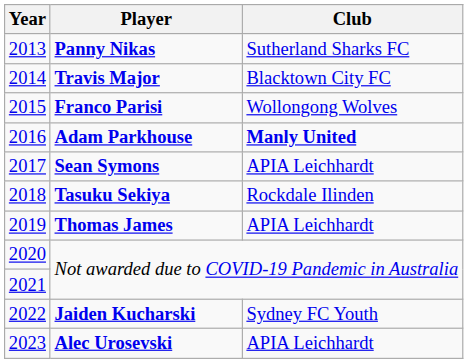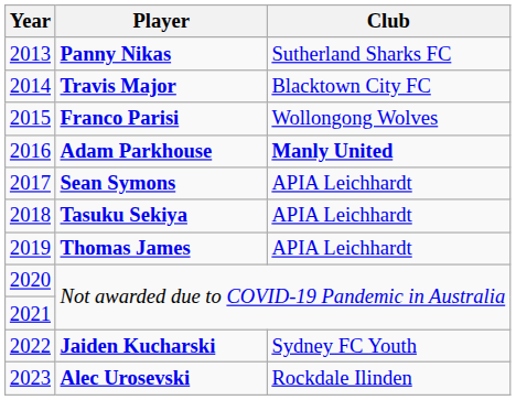 <table class="wikitable">
 <tr>
 <th>Year</th>
 <th>Player</th>
 <th>Club</th>
 </tr>
 <tr>
 <td><a href='#'>2013</a></td>
 <td><strong><a href='#'>Panny Nikas</a></strong></td>
 <td><a href='#'>Sutherland Sharks FC</a></td>
 </tr>
 <tr>
 <td><a href='#'>2014</a></td>
 <td><strong><a href='#'>Travis Major</a></strong></td>
 <td><a href='#'>Blacktown City FC</a></td>
 </tr>
 <tr>
 <td><a href='#'>2015</a></td>
 <td><strong><a href='#'>Franco Parisi</a></strong></td>
 <td><a href='#'>Wollongong Wolves</a></td>
 </tr>
 <tr>
 <td><a href='#'>2016</a></td>
 <td><strong><a href='#'>Adam Parkhouse</a></strong></td>
 <td><strong><a href='#'>Manly United</a></strong></td>
 </tr>
 <tr>
 <td><a href='#'>2017</a></td>
 <td><strong><a href='#'>Sean Symons</a></strong></td>
 <td><a href='#'>APIA Leichhardt</a></td>
 </tr>
 <tr>
 <td><a href='#'>2018</a></td>
 <td><strong><a href='#'>Tasuku Sekiya</a></strong></td>
-<td><a href='#'>Rockdale Ilinden</a></td>
+<td><a href='#'>APIA Leichhardt</a></td>
 </tr>
 <tr>
 <td><a href='#'>2019</a></td>
 <td><strong><a href='#'>Thomas James</a></strong></td>
 <td><a href='#'>APIA Leichhardt</a></td>
 </tr>
 <tr>
 <td><a href='#'>2020</a></td>
 <td rowspan=2 colspan=2><em>Not awarded due to <a href='#'>COVID-19 Pandemic in Australia</a></em></td>
 </tr>
 <tr>
 <td><a href='#'>2021</a></td>
 </tr>
 <tr>
 <td><a href='#'>2022</a></td>
 <td><strong><a href='#'>Jaiden Kucharski</a></strong></td>
 <td><a href='#'>Sydney FC Youth</a></td>
 </tr>
 <tr>
 <td><a href='#'>2023</a></td>
 <td><strong><a href='#'>Alec Urosevski</a></strong></td>
-<td><a href='#'>APIA Leichhardt</a></td>
+<td><a href='#'>Rockdale Ilinden</a></td>
 </tr>
 </table>
